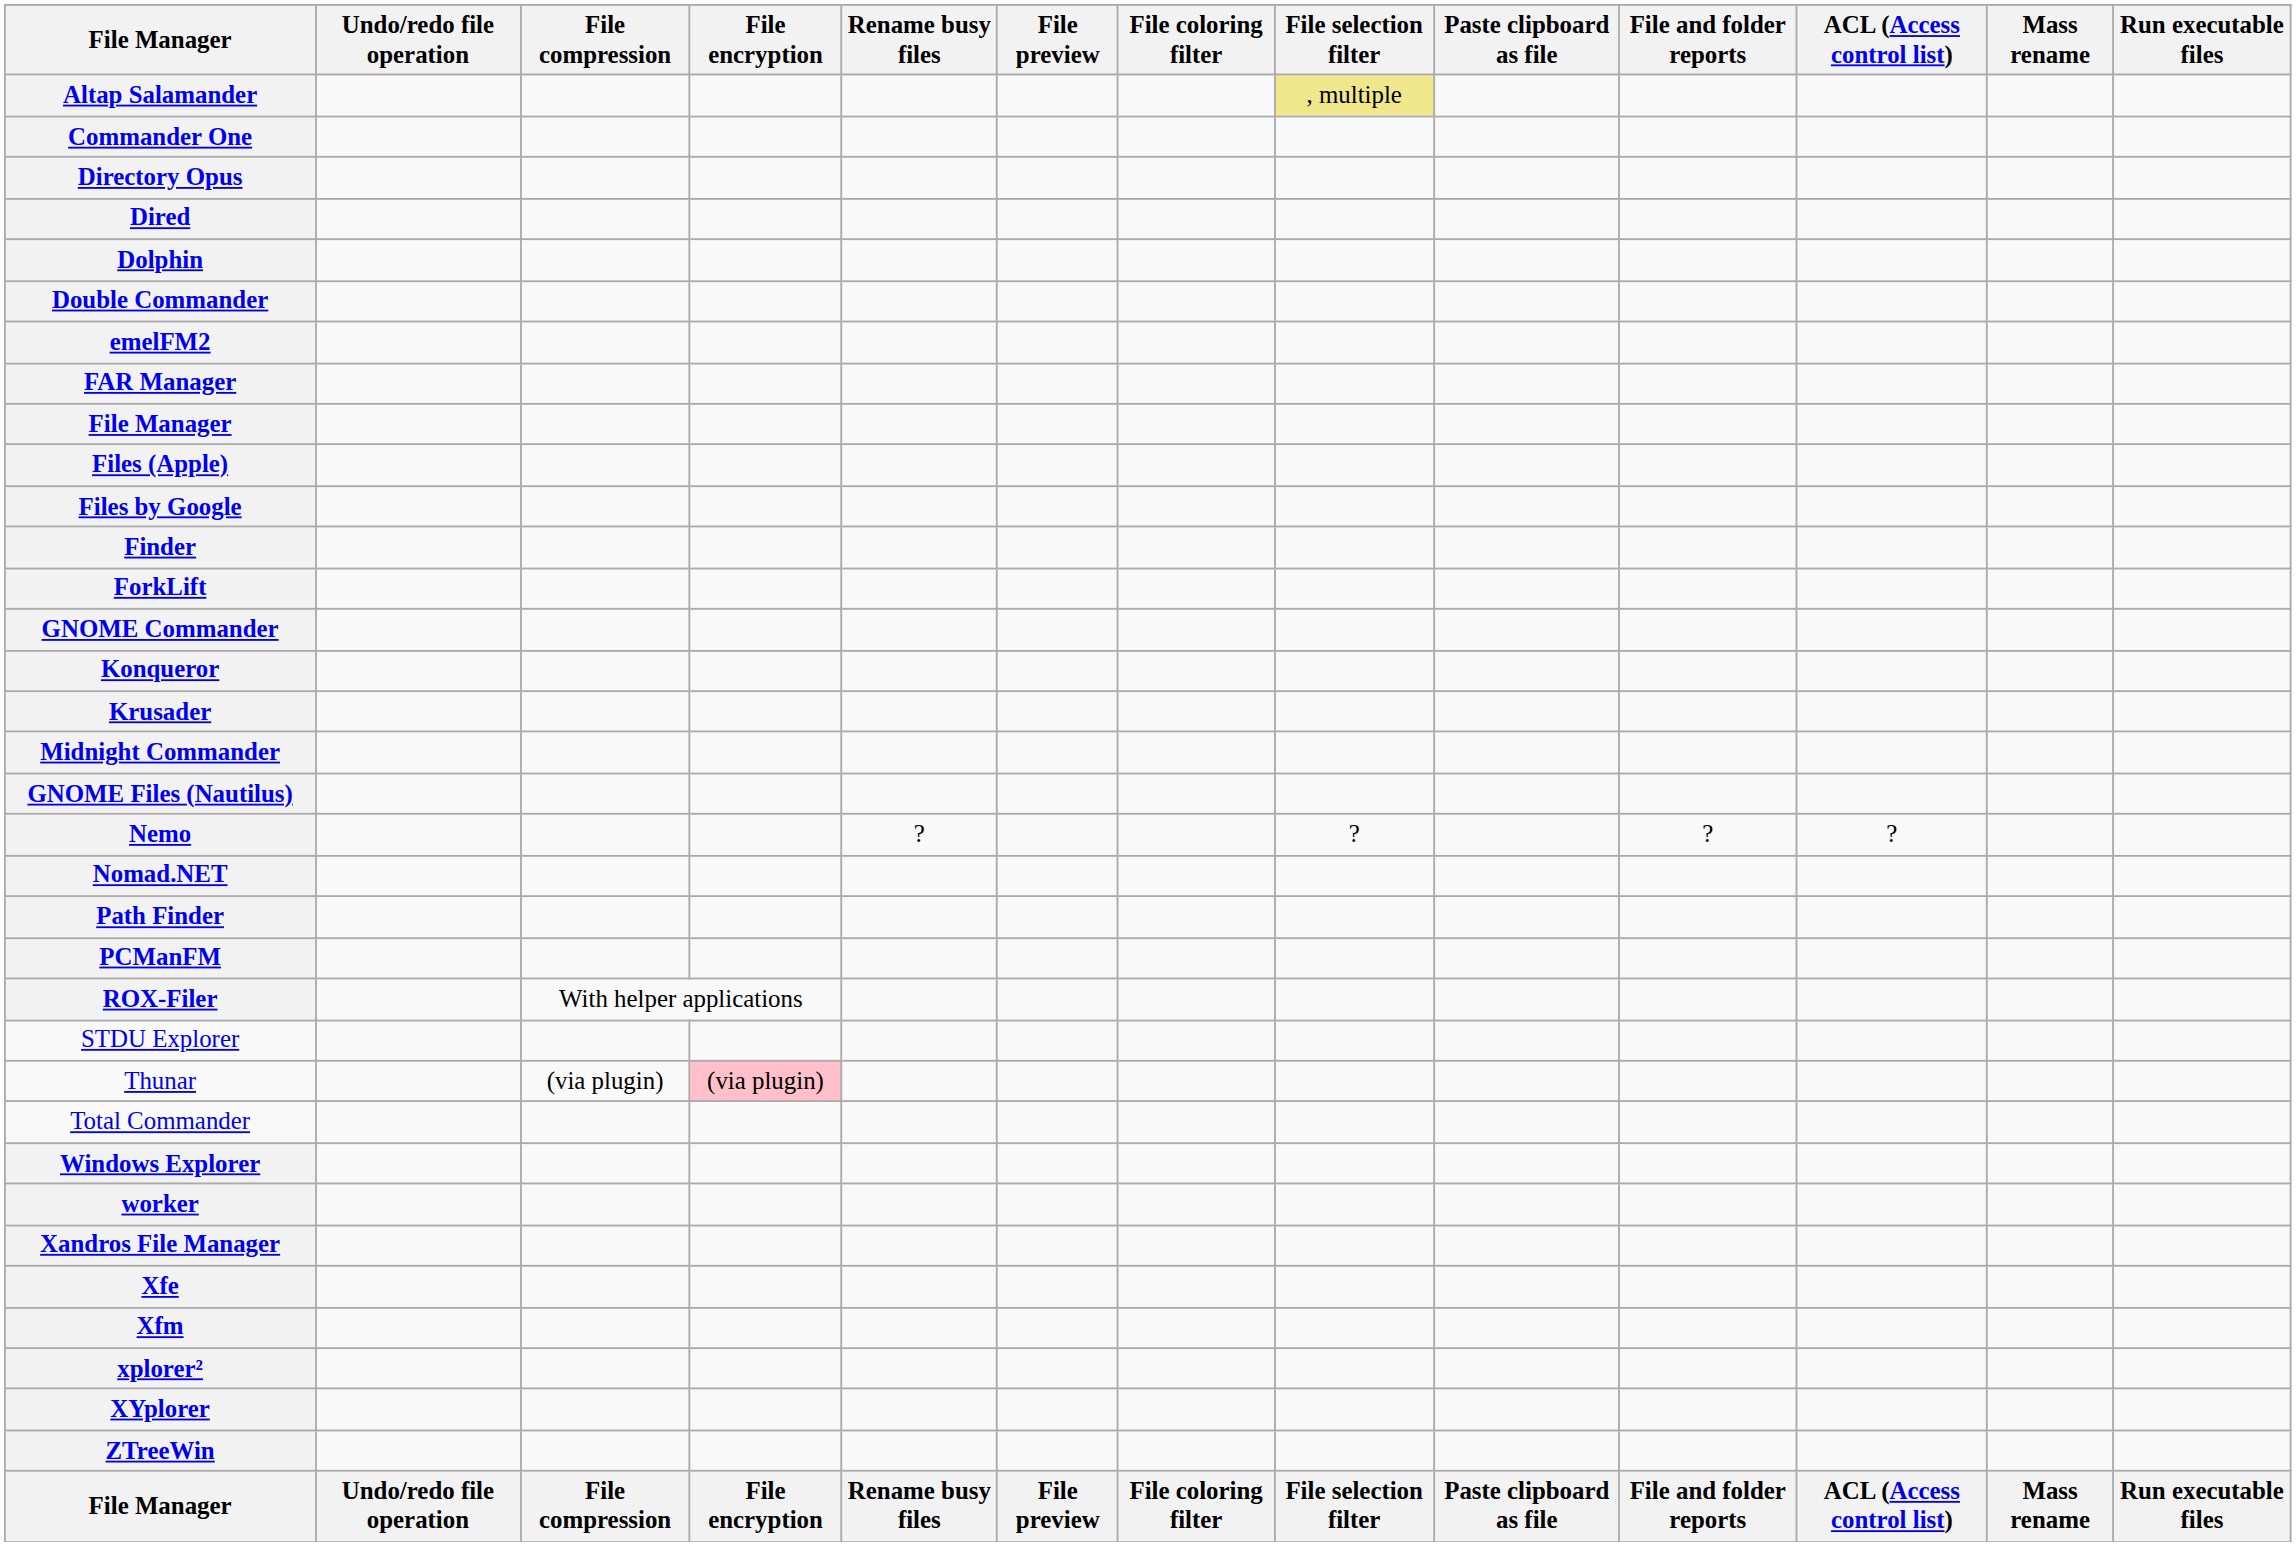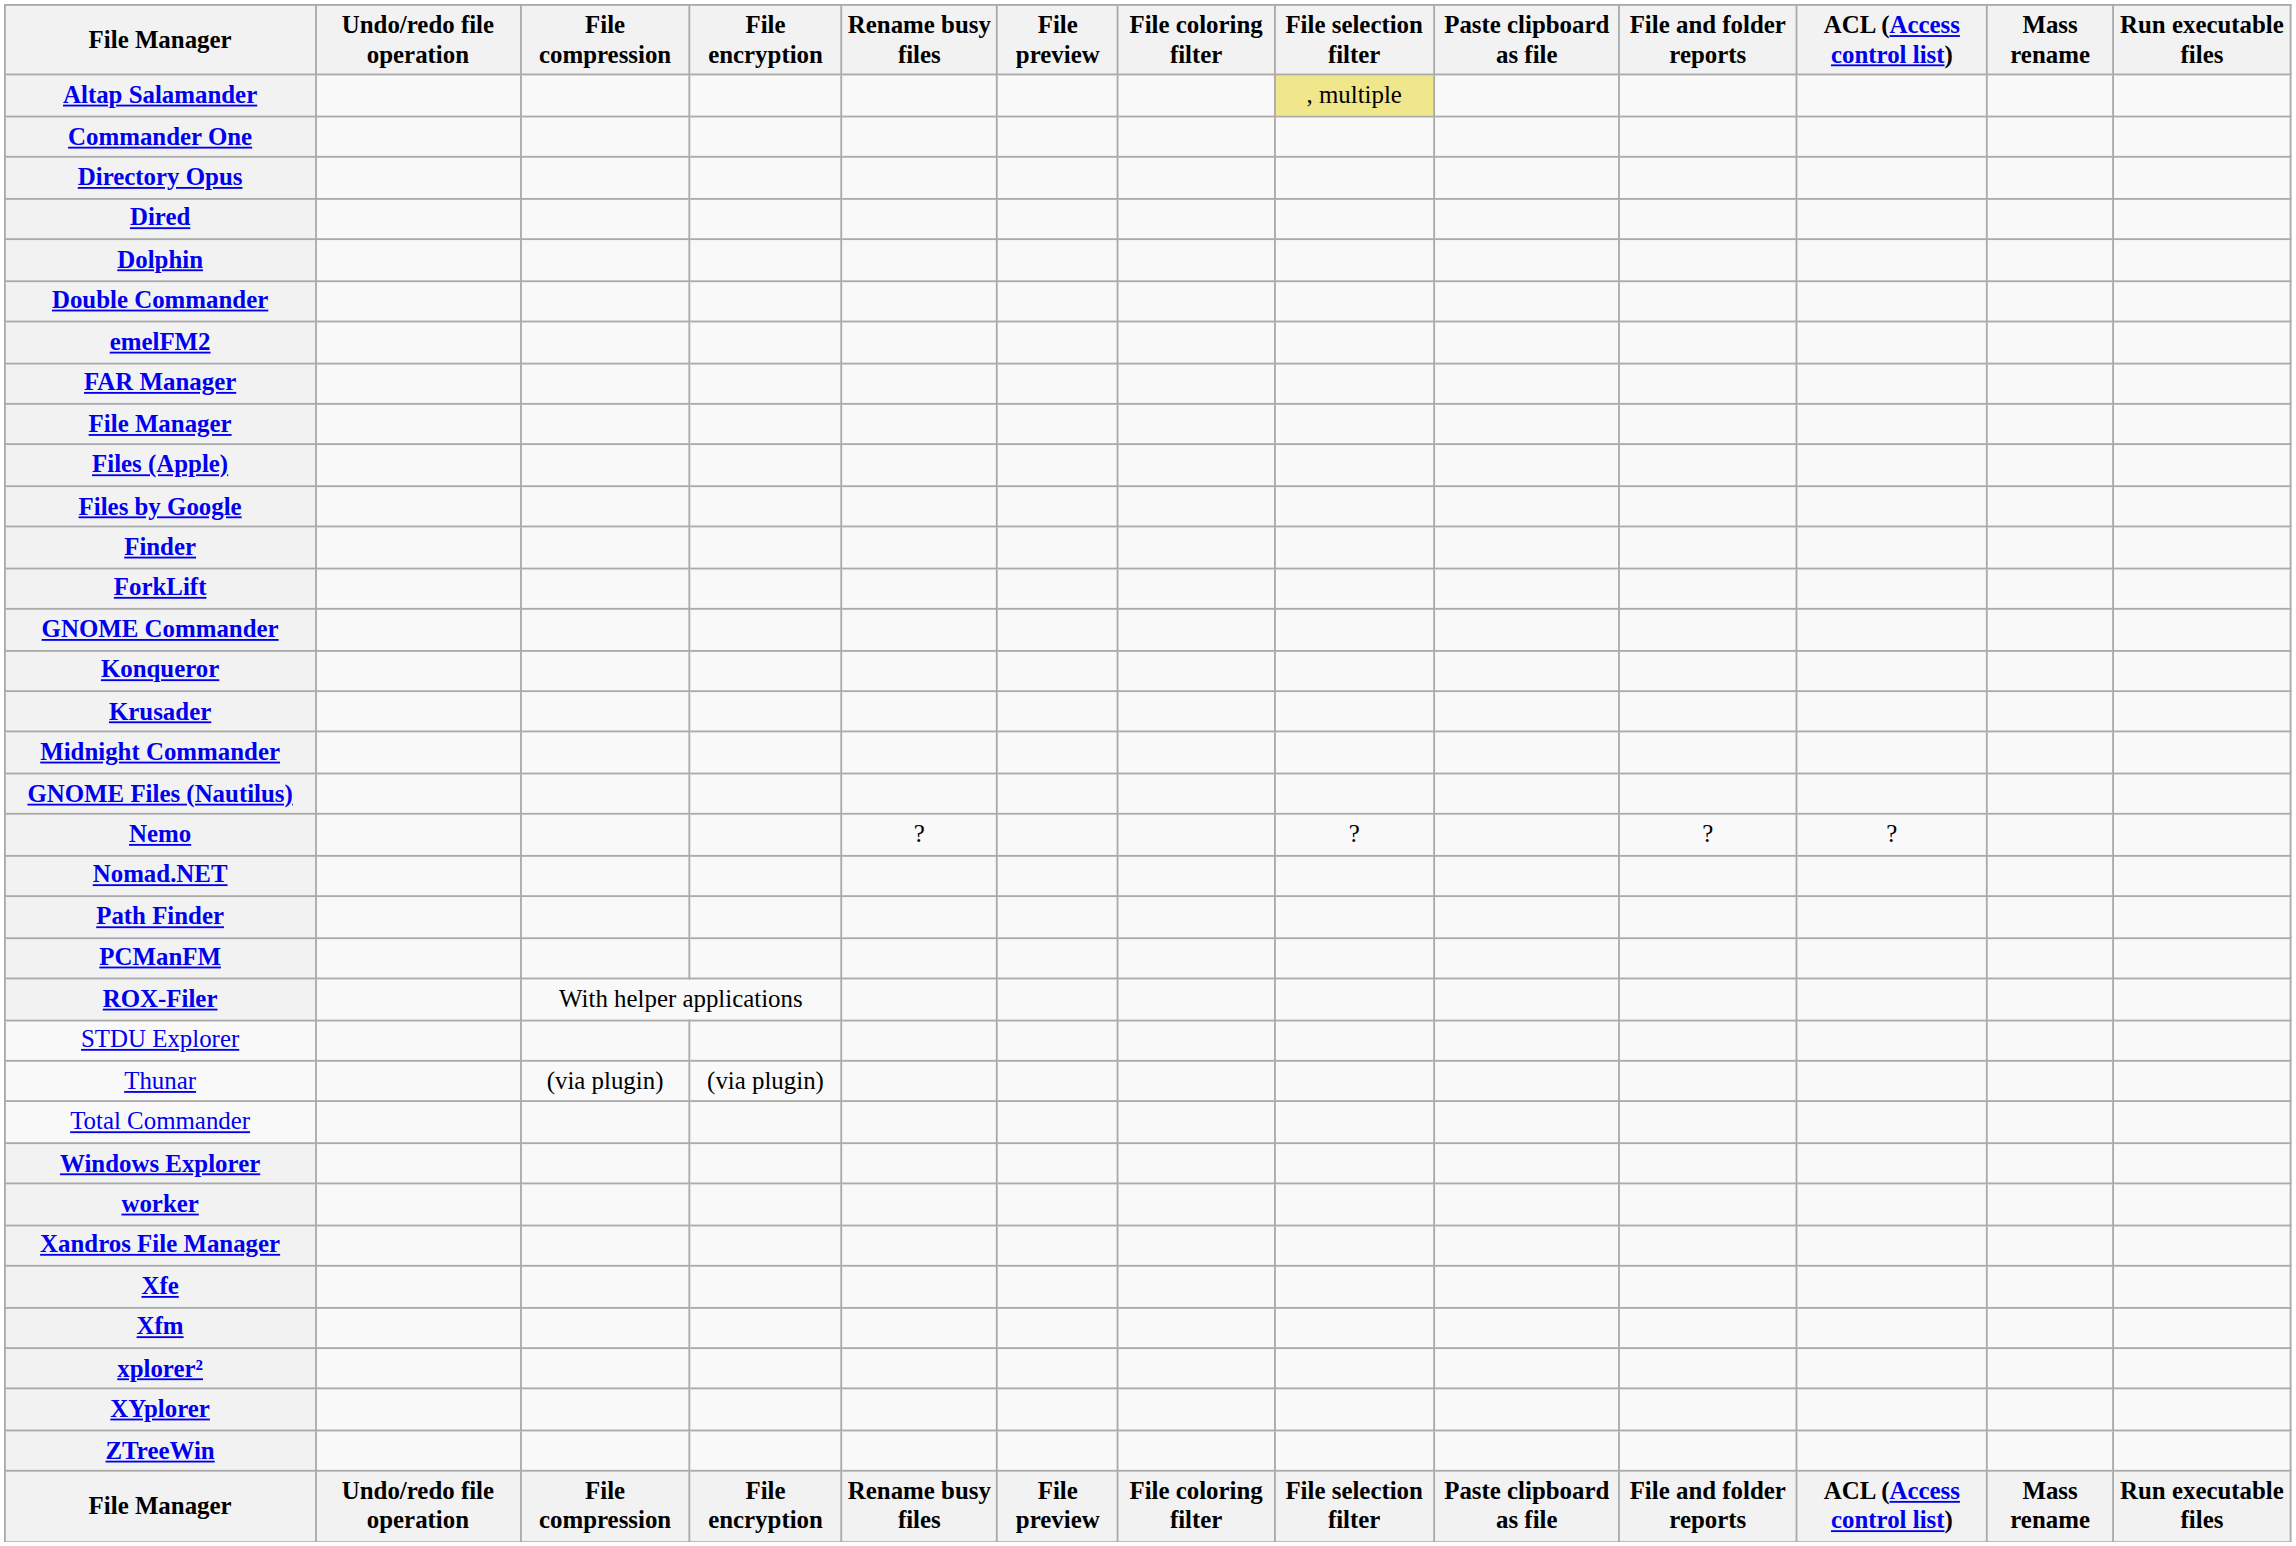 <table class="wikitable sortable sort-under" style="font-size: 85%; text-align: center; width: auto;">
 <tr>
 <th style="width:12em">File Manager</th>
 <th>Undo/redo file operation</th>
 <th>File compression</th>
 <th>File encryption</th>
 <th>Rename busy files</th>
 <th>File preview</th>
 <th>File coloring filter </th>
 <th>File selection filter</th>
 <th>Paste clipboard as file</th>
 <th>File and folder reports</th>
 <th>ACL (<a href='#'>Access control list</a>)</th>
 <th>Mass rename </th>
 <th>Run executable files</th>
 </tr>
 <tr>
 <th><a href='#'>Altap Salamander</a></th>
 <td></td>
 <td></td>
 <td></td>
 <td></td>
 <td></td>
 <td></td>
 <td style="background: khaki;">, multiple </td>
 <td></td>
 <td></td>
 <td> </td>
 <td></td>
 <td></td>
 </tr>
 <tr>
 <th><a href='#'>Commander One</a></th>
 <td></td>
 <td></td>
 <td></td>
 <td></td>
 <td></td>
 <td></td>
 <td></td>
 <td></td>
 <td></td>
 <td></td>
 <td></td>
 <td></td>
 </tr>
 <tr>
 <th><a href='#'>Directory Opus</a></th>
 <td></td>
 <td></td>
 <td></td>
 <td></td>
 <td></td>
 <td></td>
 <td></td>
 <td></td>
 <td></td>
 <td></td>
 <td></td>
 <td></td>
 </tr>
 <tr>
 <th><a href='#'>Dired</a></th>
 <td> </td>
 <td></td>
 <td></td>
 <td></td>
 <td></td>
 <td></td>
 <td></td>
 <td></td>
 <td></td>
 <td></td>
 <td></td>
 <td></td>
 </tr>
 <tr>
 <th><a href='#'>Dolphin</a></th>
 <td></td>
 <td></td>
 <td></td>
 <td></td>
 <td></td>
 <td></td>
 <td></td>
 <td></td>
 <td></td>
 <td></td>
 <td></td>
 <td></td>
 </tr>
 <tr>
 <th><a href='#'>Double Commander</a></th>
 <td></td>
 <td></td>
 <td></td>
 <td></td>
 <td></td>
 <td></td>
 <td></td>
 <td></td>
 <td></td>
 <td></td>
 <td></td>
 <td></td>
 </tr>
 <tr>
 <th><a href='#'>emelFM2</a></th>
 <td></td>
 <td></td>
 <td></td>
 <td></td>
 <td></td>
 <td></td>
 <td></td>
 <td></td>
 <td></td>
 <td></td>
 <td></td>
 <td></td>
 </tr>
 <tr>
 <th><a href='#'>FAR Manager</a></th>
 <td></td>
 <td></td>
 <td></td>
 <td></td>
 <td></td>
 <td></td>
 <td></td>
 <td> </td>
 <td></td>
 <td></td>
 <td></td>
 <td></td>
 </tr>
 <tr>
 <th><a href='#'>File Manager</a></th>
 <td></td>
 <td></td>
 <td></td>
 <td></td>
 <td></td>
 <td></td>
 <td></td>
 <td></td>
 <td></td>
 <td></td>
 <td></td>
 <td></td>
 </tr>
 <tr>
 <th><a href='#'>Files (Apple)</a></th>
 <td></td>
 <td></td>
 <td></td>
 <td></td>
 <td></td>
 <td></td>
 <td></td>
 <td></td>
 <td></td>
 <td></td>
 <td></td>
 <td></td>
 </tr>
 <tr>
 <th><a href='#'>Files by Google</a></th>
 <td></td>
 <td></td>
 <td></td>
 <td></td>
 <td></td>
 <td></td>
 <td></td>
 <td></td>
 <td></td>
 <td></td>
 <td></td>
 <td></td>
 </tr>
 <tr>
 <th><a href='#'>Finder</a></th>
 <td></td>
 <td></td>
 <td></td>
 <td></td>
 <td></td>
 <td></td>
 <td></td>
 <td></td>
 <td></td>
 <td></td>
 <td></td>
 <td></td>
 </tr>
 <tr>
 <th><a href='#'>ForkLift</a></th>
 <td></td>
 <td></td>
 <td></td>
 <td></td>
 <td></td>
 <td></td>
 <td></td>
 <td></td>
 <td></td>
 <td></td>
 <td></td>
 <td></td>
 </tr>
 <tr>
 <th><a href='#'>GNOME Commander</a></th>
 <td></td>
 <td></td>
 <td></td>
 <td></td>
 <td></td>
 <td></td>
 <td></td>
 <td></td>
 <td></td>
 <td></td>
 <td></td>
 <td></td>
 </tr>
 <tr>
 <th><a href='#'>Konqueror</a></th>
 <td> </td>
 <td></td>
 <td></td>
 <td></td>
 <td></td>
 <td></td>
 <td></td>
 <td></td>
 <td></td>
 <td></td>
 <td></td>
 <td></td>
 </tr>
 <tr>
 <th><a href='#'>Krusader</a></th>
 <td></td>
 <td></td>
 <td></td>
 <td></td>
 <td></td>
 <td></td>
 <td></td>
 <td></td>
 <td></td>
 <td></td>
 <td></td>
 <td></td>
 </tr>
 <tr>
 <th><a href='#'>Midnight Commander</a></th>
 <td></td>
 <td></td>
 <td></td>
 <td></td>
 <td></td>
 <td></td>
 <td></td>
 <td></td>
 <td></td>
 <td></td>
 <td></td>
 <td></td>
 </tr>
 <tr>
 <th><a href='#'>GNOME Files (Nautilus)</a></th>
 <td></td>
 <td></td>
 <td></td>
 <td></td>
 <td></td>
 <td></td>
 <td></td>
 <td> </td>
 <td></td>
 <td></td>
 <td></td>
 <td> </td>
 </tr>
 <tr>
 <th><a href='#'>Nemo</a></th>
 <td></td>
 <td></td>
 <td></td>
 <td>?</td>
 <td></td>
 <td></td>
 <td>?</td>
 <td></td>
 <td>?</td>
 <td>?</td>
 <td></td>
 <td></td>
 </tr>
 <tr>
 <th><a href='#'>Nomad.NET</a></th>
 <td></td>
 <td></td>
 <td></td>
 <td></td>
 <td></td>
 <td></td>
 <td></td>
 <td></td>
 <td></td>
 <td></td>
 <td></td>
 <td></td>
 </tr>
 <tr>
 <th><a href='#'>Path Finder</a></th>
 <td></td>
 <td></td>
 <td> </td>
 <td></td>
 <td></td>
 <td></td>
 <td></td>
 <td></td>
 <td></td>
 <td></td>
 <td></td>
 <td></td>
 </tr>
 <tr>
 <th><a href='#'>PCManFM</a></th>
 <td></td>
 <td></td>
 <td></td>
 <td></td>
 <td></td>
 <td></td>
 <td></td>
 <td></td>
 <td></td>
 <td></td>
 <td></td>
 <td></td>
 </tr>
 <tr>
 <th><a href='#'>ROX-Filer</a></th>
 <td></td>
 <td colspan="2">With helper applications</td>
 <td></td>
 <td></td>
 <td></td>
 <td></td>
 <td></td>
 <td></td>
 <td></td>
 <td></td>
 <td></td>
 </tr>
 <tr>
 <td><a href='#'>STDU Explorer</a></td>
 <td></td>
 <td></td>
 <td></td>
 <td></td>
 <td></td>
 <td></td>
 <td></td>
 <td></td>
 <td></td>
 <td></td>
 <td></td>
 <td></td>
 </tr>
 <tr>
 <td><a href='#'>Thunar</a></td>
 <td></td>
 <td> (via plugin)</td>
-<td style="background: pink;"> (via plugin)</td>
+<td> (via plugin)</td>
 <td></td>
 <td></td>
 <td></td>
 <td></td>
 <td></td>
 <td></td>
 <td></td>
 <td></td>
 <td></td>
 </tr>
 <tr>
 <td><a href='#'>Total Commander</a></td>
 <td></td>
 <td></td>
 <td></td>
 <td></td>
 <td></td>
 <td></td>
 <td></td>
 <td></td>
 <td></td>
 <td></td>
 <td></td>
 <td></td>
 </tr>
 <tr>
 <th><a href='#'>Windows Explorer</a></th>
 <td></td>
 <td></td>
 <td></td>
 <td></td>
 <td></td>
 <td></td>
 <td></td>
 <td> </td>
 <td></td>
 <td> </td>
 <td></td>
 <td></td>
 </tr>
 <tr>
 <th><a href='#'> worker</a></th>
 <td></td>
 <td></td>
 <td></td>
 <td></td>
 <td></td>
 <td></td>
 <td></td>
 <td></td>
 <td></td>
 <td></td>
 <td></td>
 <td></td>
 </tr>
 <tr>
 <th><a href='#'>Xandros File Manager</a></th>
 <td></td>
 <td></td>
 <td></td>
 <td></td>
 <td></td>
 <td></td>
 <td></td>
 <td></td>
 <td></td>
 <td></td>
 <td></td>
 <td></td>
 </tr>
 <tr>
 <th><a href='#'>Xfe</a></th>
 <td></td>
 <td></td>
 <td></td>
 <td></td>
 <td></td>
 <td></td>
 <td></td>
 <td></td>
 <td></td>
 <td></td>
 <td></td>
 <td></td>
 </tr>
 <tr>
 <th><a href='#'>Xfm</a></th>
 <td></td>
 <td></td>
 <td></td>
 <td></td>
 <td></td>
 <td></td>
 <td></td>
 <td></td>
 <td></td>
 <td></td>
 <td></td>
 <td></td>
 </tr>
 <tr>
 <th><a href='#'>xplorer²</a></th>
 <td></td>
 <td></td>
 <td> </td>
 <td></td>
 <td></td>
 <td></td>
 <td></td>
 <td></td>
 <td></td>
 <td> </td>
 <td></td>
 <td></td>
 </tr>
 <tr>
 <th><a href='#'>XYplorer</a></th>
 <td></td>
 <td></td>
 <td> </td>
 <td></td>
 <td></td>
 <td></td>
 <td></td>
 <td></td>
 <td></td>
 <td></td>
 <td></td>
 <td></td>
 </tr>
 <tr>
 <th><a href='#'>ZTreeWin</a></th>
 <td></td>
 <td></td>
 <td> </td>
 <td></td>
 <td></td>
 <td></td>
 <td></td>
 <td></td>
 <td></td>
 <td></td>
 <td></td>
 <td></td>
 </tr>
 <tr class="sortbottom">
 <th style="width:12em">File Manager</th>
 <th>Undo/redo file operation</th>
 <th>File compression</th>
 <th>File encryption</th>
 <th>Rename busy files</th>
 <th>File preview</th>
 <th>File coloring filter</th>
 <th>File selection filter</th>
 <th>Paste clipboard as file</th>
 <th>File and folder reports</th>
 <th>ACL (<a href='#'>Access control list</a>)</th>
 <th>Mass rename</th>
 <th>Run executable files</th>
 </tr>
 </table>
